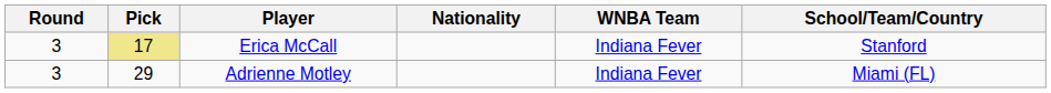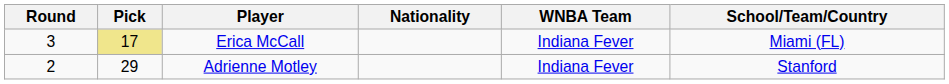 <table class="wikitable" style="text-align:center; width:60em">
 <tr>
 <th>Round</th>
 <th>Pick</th>
 <th>Player</th>
 <th>Nationality</th>
 <th>WNBA Team</th>
 <th>School/Team/Country</th>
 </tr>
 <tr>
 <td>3</td>
 <td style="background: khaki;">17</td>
 <td><a href='#'>Erica McCall</a></td>
 <td></td>
 <td><a href='#'>Indiana Fever</a></td>
-<td><a href='#'>Stanford</a></td>
+<td><a href='#'>Miami (FL)</a></td>
 </tr>
 <tr>
-<td>3</td>
+<td>2</td>
 <td>29</td>
 <td><a href='#'>Adrienne Motley</a></td>
 <td></td>
 <td><a href='#'>Indiana Fever</a></td>
-<td><a href='#'>Miami (FL)</a></td>
+<td><a href='#'>Stanford</a></td>
 </tr>
 </table>
